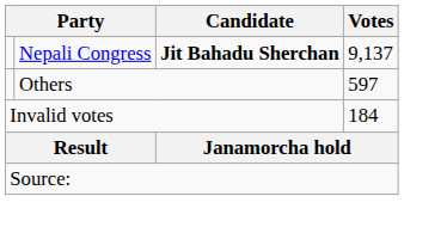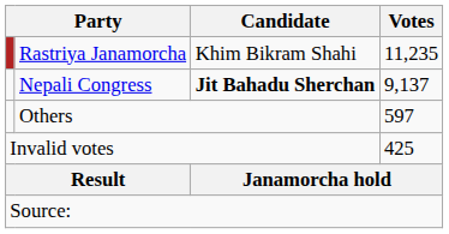 <table class="wikitable">
 <tr>
 <th colspan="2">Party</th>
 <th>Candidate</th>
 <th>Votes</th>
+</tr>
+<tr>
+<td style="background-color:firebrick"></td>
+<td><a href='#'>Rastriya Janamorcha</a></td>
+<td>Khim Bikram Shahi</td>
+<td>11,235</td>
 </tr>
 <tr>
 <td style="background-color:"></td>
 <td><a href='#'>Nepali Congress</a></td>
 <td><strong>Jit Bahadu Sherchan</strong></td>
 <td>9,137</td>
 </tr>
 <tr>
 <td></td>
 <td colspan="2">Others</td>
 <td>597</td>
 </tr>
 <tr>
 <td colspan="3">Invalid votes</td>
-<td>184</td>
+<td>425</td>
 </tr>
 <tr>
 <th colspan="2">Result</th>
 <th colspan="2">Janamorcha hold</th>
 </tr>
 <tr>
 <td colspan="4">Source: </td>
 </tr>
 </table>
